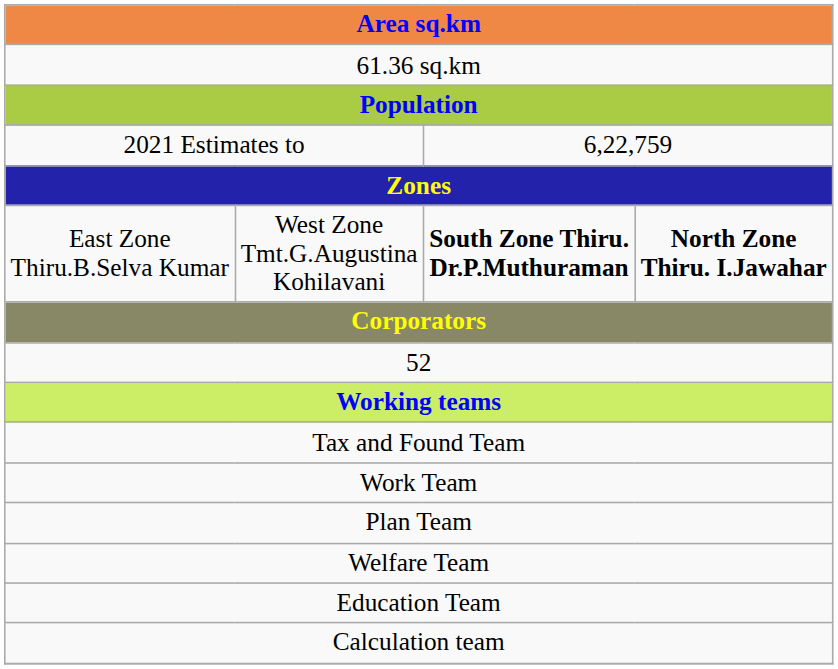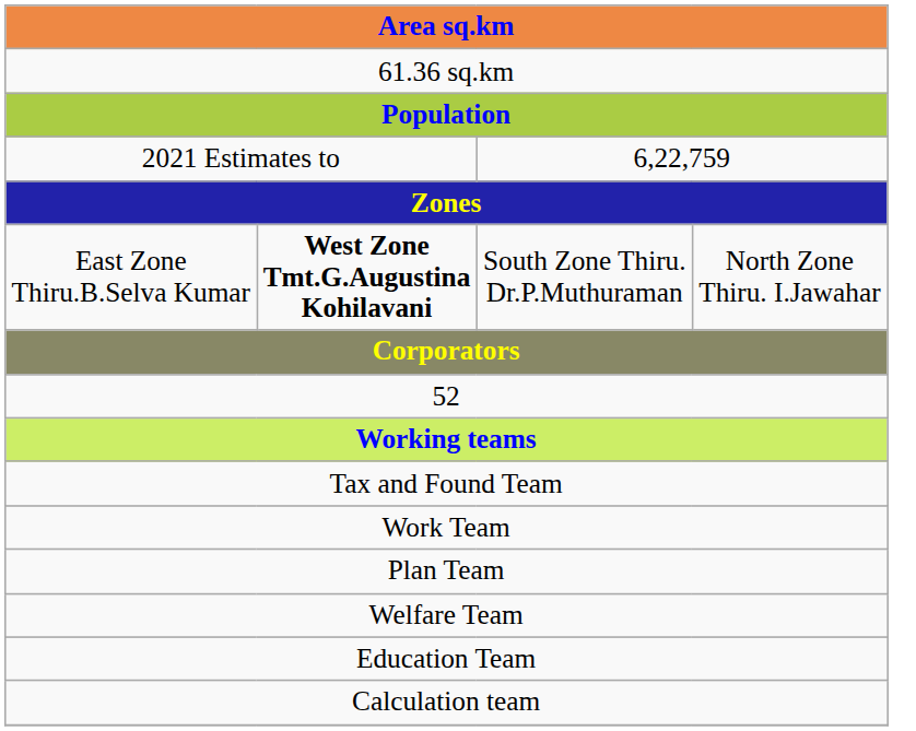 <table class="wikitable">
 <tr>
 <th style="color:blue; background-color:#EE8844;" colspan="4"><strong>Area sq.km</strong></th>
 </tr>
 <tr>
 <td align="center" colspan="4">61.36  sq.km</td>
 </tr>
 <tr>
 <th style="color:blue; background-color:#AACC44;" colspan="4"><strong>Population</strong></th>
 </tr>
 <tr>
 <td align=" center" colspan="2">2021 Estimates to</td>
 <td align="center" colspan="2">6,22,759</td>
 </tr>
 <tr>
 <th style="color:yellow; background-color:#2222AA;" colspan="4"><strong>Zones</strong></th>
 </tr>
 <tr>
 <td align="center">East Zone<br>Thiru.B.Selva Kumar</td>
-<td align="center">West Zone<br>Tmt.G.Augustina<br>Kohilavani</td>
-<td align="center"><strong>South Zone Thiru.<br>Dr.P.Muthuraman</strong></td>
-<td align="center"><strong>North Zone<br>Thiru. I.Jawahar</strong></td>
+<td align="center"><strong>West Zone<br>Tmt.G.Augustina<br>Kohilavani</strong></td>
+<td align="center">South Zone Thiru.<br>Dr.P.Muthuraman</td>
+<td align="center">North Zone<br>Thiru. I.Jawahar</td>
 </tr>
 <tr>
 <th style="color:yellow; background-color:#888866;" colspan="4"><strong>Corporators</strong></th>
 </tr>
 <tr>
 <td align="center" colspan="4">52</td>
 </tr>
 <tr>
 <th style="color:blue; background-color:#CCEE66;" colspan="4">Working teams</th>
 </tr>
 <tr>
 <td align="center" colspan="4">Tax and Found Team</td>
 </tr>
 <tr>
 <td align="center" colspan="4">Work Team</td>
 </tr>
 <tr>
 <td align="center" colspan="4">Plan Team</td>
 </tr>
 <tr>
 <td align="center" colspan="4">Welfare Team</td>
 </tr>
 <tr>
 <td align="center" colspan="4">Education Team</td>
 </tr>
 <tr>
 <td align="center" colspan="4">Calculation team</td>
 </tr>
 <tr>
 </tr>
 </table>
